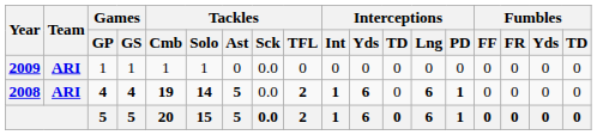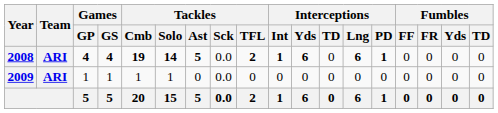 <table class="wikitable" style="text-align:center">
 <tr>
 <th rowspan="2">Year</th>
 <th rowspan="2">Team</th>
 <th colspan="2">Games</th>
 <th colspan="5">Tackles</th>
 <th colspan="5">Interceptions</th>
 <th colspan="4">Fumbles</th>
 </tr>
 <tr>
 <th>GP</th>
 <th>GS</th>
 <th>Cmb</th>
 <th>Solo</th>
 <th>Ast</th>
 <th>Sck</th>
 <th>TFL</th>
 <th>Int</th>
 <th>Yds</th>
 <th>TD</th>
 <th>Lng</th>
 <th>PD</th>
 <th>FF</th>
 <th>FR</th>
 <th>Yds</th>
 <th>TD</th>
 </tr>
 <tr>
+<th><a href='#'>2008</a></th>
+<th><a href='#'>ARI</a></th>
+<td><strong>4</strong></td>
+<td><strong>4</strong></td>
+<td><strong>19</strong></td>
+<td><strong>14</strong></td>
+<td><strong>5</strong></td>
+<td>0.0</td>
+<td><strong>2</strong></td>
+<td><strong>1</strong></td>
+<td><strong>6</strong></td>
+<td>0</td>
+<td><strong>6</strong></td>
+<td><strong>1</strong></td>
+<td>0</td>
+<td>0</td>
+<td>0</td>
+<td>0</td>
+</tr>
+<tr>
 <th><a href='#'>2009</a></th>
 <th><a href='#'>ARI</a></th>
 <td>1</td>
 <td>1</td>
 <td>1</td>
 <td>1</td>
 <td>0</td>
 <td>0.0</td>
 <td>0</td>
 <td>0</td>
 <td>0</td>
 <td>0</td>
 <td>0</td>
 <td>0</td>
-<td>0</td>
-<td>0</td>
-<td>0</td>
-<td>0</td>
-</tr>
-<tr>
-<th><a href='#'>2008</a></th>
-<th><a href='#'>ARI</a></th>
-<td><strong>4</strong></td>
-<td><strong>4</strong></td>
-<td><strong>19</strong></td>
-<td><strong>14</strong></td>
-<td><strong>5</strong></td>
-<td>0.0</td>
-<td><strong>2</strong></td>
-<td><strong>1</strong></td>
-<td><strong>6</strong></td>
-<td>0</td>
-<td><strong>6</strong></td>
-<td><strong>1</strong></td>
 <td>0</td>
 <td>0</td>
 <td>0</td>
 <td>0</td>
 </tr>
 <tr>
 <th colspan="2"></th>
 <th>5</th>
 <th>5</th>
 <th>20</th>
 <th>15</th>
 <th>5</th>
 <th>0.0</th>
 <th>2</th>
 <th>1</th>
 <th>6</th>
 <th>0</th>
 <th>6</th>
 <th>1</th>
 <th>0</th>
 <th>0</th>
 <th>0</th>
 <th>0</th>
 </tr>
 </table>
